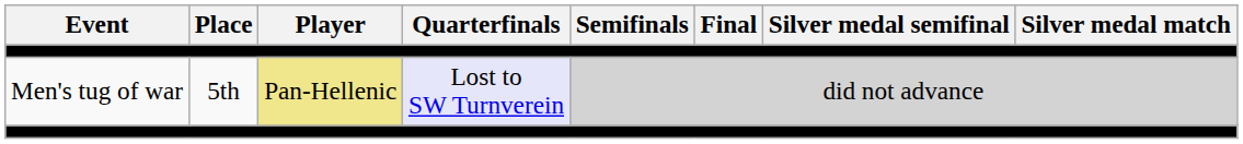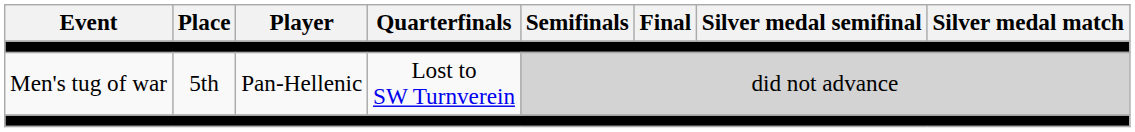 <table class=wikitable style="text-align:center">
 <tr>
 <th>Event</th>
 <th>Place</th>
 <th>Player</th>
 <th>Quarterfinals</th>
 <th>Semifinals</th>
 <th>Final</th>
 <th>Silver medal semifinal</th>
 <th>Silver medal match</th>
 </tr>
 <tr bgcolor=black>
 <td colspan=8></td>
 </tr>
 <tr>
 <td>Men's tug of war</td>
 <td>5th</td>
-<td align=left style="background: khaki;">Pan-Hellenic</td>
-<td style="background: lavender;">Lost to <br> <a href='#'>SW Turnverein</a></td>
+<td align=left>Pan-Hellenic</td>
+<td>Lost to <br> <a href='#'>SW Turnverein</a></td>
 <td bgcolor=lightgray colspan=4>did not advance</td>
 </tr>
 <tr bgcolor=black>
 <td colspan=8></td>
 </tr>
 </table>
